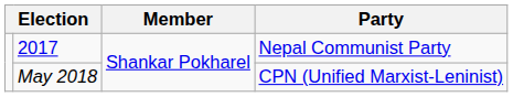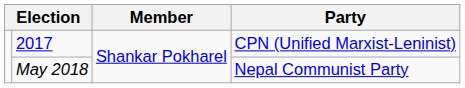 <table class="wikitable">
 <tr>
 <th colspan="2">Election</th>
 <th>Member</th>
 <th>Party</th>
 </tr>
 <tr>
 <td rowspan="2" style="background-color:"></td>
 <td><a href='#'>2017</a></td>
 <td rowspan="2"><a href='#'>Shankar Pokharel</a></td>
-<td><a href='#'>Nepal Communist Party</a></td>
+<td><a href='#'>CPN (Unified Marxist-Leninist)</a></td>
 </tr>
 <tr>
 <td><em>May 2018</em></td>
-<td><a href='#'>CPN (Unified Marxist-Leninist)</a></td>
+<td><a href='#'>Nepal Communist Party</a></td>
 </tr>
 </table>
